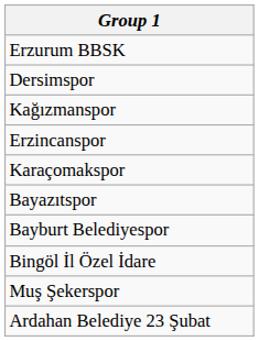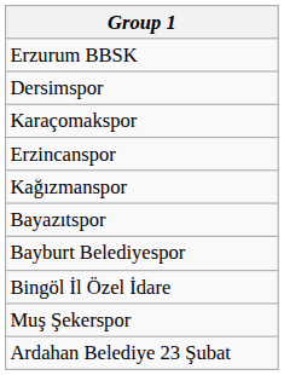 <table class="wikitable collapsible collapsed" style="font-size:95%;">
 <tr>
 <th colspan="1" width="200"><em>Group 1</em></th>
 </tr>
 <tr>
 <td>Erzurum BBSK</td>
 </tr>
 <tr>
 <td>Dersimspor</td>
 </tr>
 <tr>
-<td>Kağızmanspor</td>
+<td>Karaçomakspor</td>
 </tr>
 <tr>
 <td>Erzincanspor</td>
 </tr>
 <tr>
-<td>Karaçomakspor</td>
+<td>Kağızmanspor</td>
 </tr>
 <tr>
 <td>Bayazıtspor</td>
 </tr>
 <tr>
 <td>Bayburt Belediyespor</td>
 </tr>
 <tr>
 <td>Bingöl İl Özel İdare</td>
 </tr>
 <tr>
 <td>Muş Şekerspor</td>
 </tr>
 <tr>
 <td>Ardahan Belediye 23 Şubat</td>
 </tr>
 </table>
